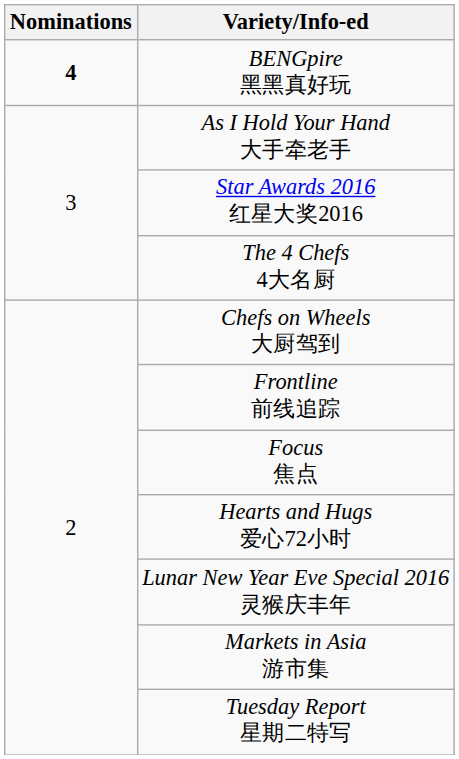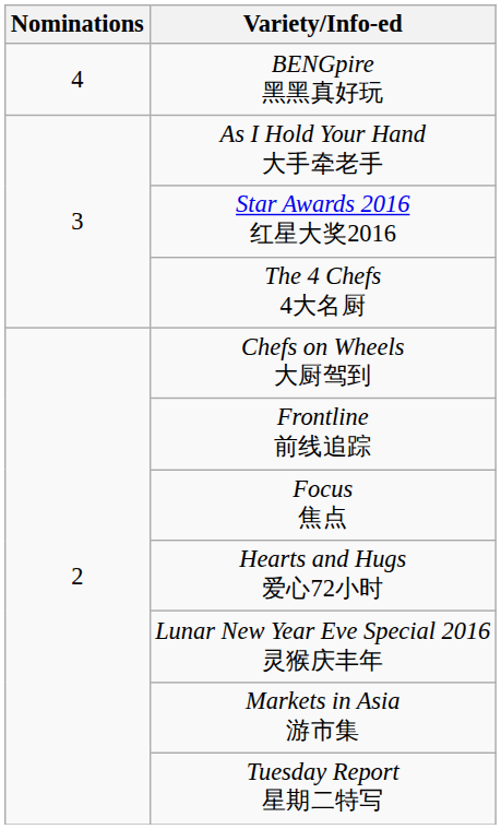 <table class="wikitable plainrowheaders" style="text-align: center">
 <tr>
 <th scope="col" style="width:55px;">Nominations</th>
 <th scope="col" style="text-align:center;">Variety/Info-ed</th>
 </tr>
 <tr>
-<td scope=row style="text-align:center"><strong>4</strong></td>
+<td scope=row style="text-align:center">4</td>
 <td><em>BENGpire</em><br>黑黑真好玩</td>
 </tr>
 <tr>
 <td rowspan=3 scope=row style="text-align:center">3</td>
 <td><em>As I Hold Your Hand</em><br>大手牵老手</td>
 </tr>
 <tr>
 <td><em><a href='#'>Star Awards 2016</a></em><br>红星大奖2016</td>
 </tr>
 <tr>
 <td><em>The 4 Chefs</em><br>4大名厨</td>
 </tr>
 <tr>
 <td rowspan=7 scope=row style="text-align:center">2</td>
 <td><em>Chefs on Wheels</em><br>大厨驾到</td>
 </tr>
 <tr>
 <td><em>Frontline</em><br>前线追踪</td>
 </tr>
 <tr>
 <td><em>Focus</em><br>焦点</td>
 </tr>
 <tr>
 <td><em>Hearts and Hugs</em><br>爱心72小时</td>
 </tr>
 <tr>
 <td><em>Lunar New Year Eve Special 2016</em><br>灵猴庆丰年</td>
 </tr>
 <tr>
 <td><em>Markets in Asia</em><br>游市集</td>
 </tr>
 <tr>
 <td><em>Tuesday Report</em><br>星期二特写</td>
 </tr>
 </table>
